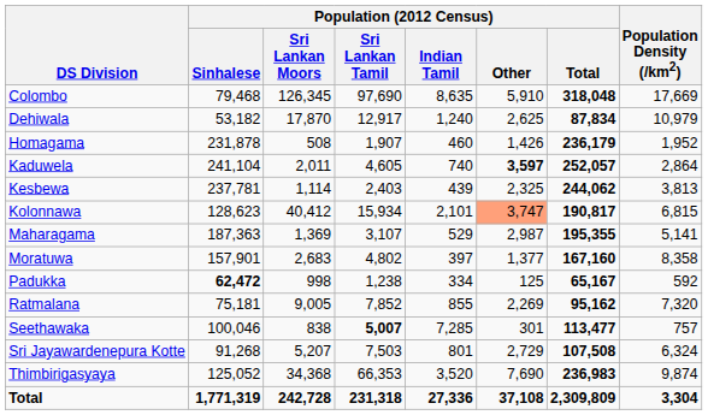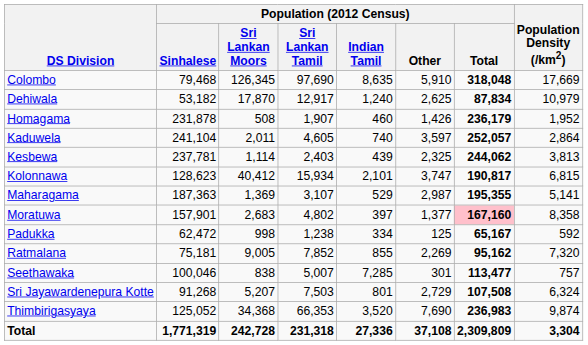 <table class="wikitable" style="text-align:right;">
 <tr style="vertical-align:bottom;">
 <th rowspan=2><a href='#'>DS Division</a></th>
 <th colspan=6>Population (2012 Census)</th>
 <th rowspan=2>Population<br>Density<br>(/km<sup>2</sup>)</th>
 </tr>
 <tr style="vertical-align:bottom;">
 <th style="width:70px;"><a href='#'>Sinhalese</a></th>
 <th style="width:70px;"><a href='#'>Sri Lankan Moors</a></th>
 <th style="width:70px;"><a href='#'>Sri Lankan<br>Tamil</a></th>
 <th style="width:70px;"><a href='#'>Indian<br>Tamil</a></th>
 <th style="width:70px;">Other</th>
 <th style="width:70px;">Total</th>
 </tr>
 <tr>
 <td align=left><a href='#'>Colombo</a></td>
 <td>79,468</td>
 <td>126,345</td>
 <td>97,690</td>
 <td>8,635</td>
 <td>5,910</td>
 <td><strong>318,048</strong></td>
 <td>17,669</td>
 </tr>
 <tr>
 <td align=left><a href='#'>Dehiwala</a></td>
 <td>53,182</td>
 <td>17,870</td>
 <td>12,917</td>
 <td>1,240</td>
 <td>2,625</td>
 <td><strong>87,834</strong></td>
 <td>10,979</td>
 </tr>
 <tr>
 <td align=left><a href='#'>Homagama</a></td>
 <td>231,878</td>
 <td>508</td>
 <td>1,907</td>
 <td>460</td>
 <td>1,426</td>
 <td><strong>236,179</strong></td>
 <td>1,952</td>
 </tr>
 <tr>
 <td align=left><a href='#'>Kaduwela</a></td>
 <td>241,104</td>
 <td>2,011</td>
 <td>4,605</td>
 <td>740</td>
-<td><strong>3,597</strong></td>
+<td>3,597</td>
 <td><strong>252,057</strong></td>
 <td>2,864</td>
 </tr>
 <tr>
 <td align=left><a href='#'>Kesbewa</a></td>
 <td>237,781</td>
 <td>1,114</td>
 <td>2,403</td>
 <td>439</td>
 <td>2,325</td>
 <td><strong>244,062</strong></td>
 <td>3,813</td>
 </tr>
 <tr>
 <td align=left><a href='#'>Kolonnawa</a></td>
 <td>128,623</td>
 <td>40,412</td>
 <td>15,934</td>
 <td>2,101</td>
-<td style="background: lightsalmon;">3,747</td>
+<td>3,747</td>
 <td><strong>190,817</strong></td>
 <td>6,815</td>
 </tr>
 <tr>
 <td align=left><a href='#'>Maharagama</a></td>
 <td>187,363</td>
 <td>1,369</td>
 <td>3,107</td>
 <td>529</td>
 <td>2,987</td>
 <td><strong>195,355</strong></td>
 <td>5,141</td>
 </tr>
 <tr>
 <td align=left><a href='#'>Moratuwa</a></td>
 <td>157,901</td>
 <td>2,683</td>
 <td>4,802</td>
 <td>397</td>
 <td>1,377</td>
-<td><strong>167,160</strong></td>
+<td style="background: pink;"><strong>167,160</strong></td>
 <td>8,358</td>
 </tr>
 <tr>
 <td align=left><a href='#'>Padukka</a></td>
-<td><strong>62,472</strong></td>
+<td>62,472</td>
 <td>998</td>
 <td>1,238</td>
 <td>334</td>
 <td>125</td>
 <td><strong>65,167</strong></td>
 <td>592</td>
 </tr>
 <tr>
 <td align=left><a href='#'>Ratmalana</a></td>
 <td>75,181</td>
 <td>9,005</td>
 <td>7,852</td>
 <td>855</td>
 <td>2,269</td>
 <td><strong>95,162</strong></td>
 <td>7,320</td>
 </tr>
 <tr>
 <td align=left><a href='#'>Seethawaka</a></td>
 <td>100,046</td>
 <td>838</td>
-<td><strong>5,007</strong></td>
+<td>5,007</td>
 <td>7,285</td>
 <td>301</td>
 <td><strong>113,477</strong></td>
 <td>757</td>
 </tr>
 <tr>
 <td align=left><a href='#'>Sri Jayawardenepura Kotte</a></td>
 <td>91,268</td>
 <td>5,207</td>
 <td>7,503</td>
 <td>801</td>
 <td>2,729</td>
 <td><strong>107,508</strong></td>
 <td>6,324</td>
 </tr>
 <tr>
 <td align=left><a href='#'>Thimbirigasyaya</a></td>
 <td>125,052</td>
 <td>34,368</td>
 <td>66,353</td>
 <td>3,520</td>
 <td>7,690</td>
 <td><strong>236,983</strong></td>
 <td>9,874</td>
 </tr>
 <tr style="font-weight:bold">
 <td style="text-align:left;">Total</td>
 <td>1,771,319</td>
 <td>242,728</td>
 <td>231,318</td>
 <td>27,336</td>
 <td>37,108</td>
 <td>2,309,809</td>
 <td>3,304</td>
 </tr>
 </table>
